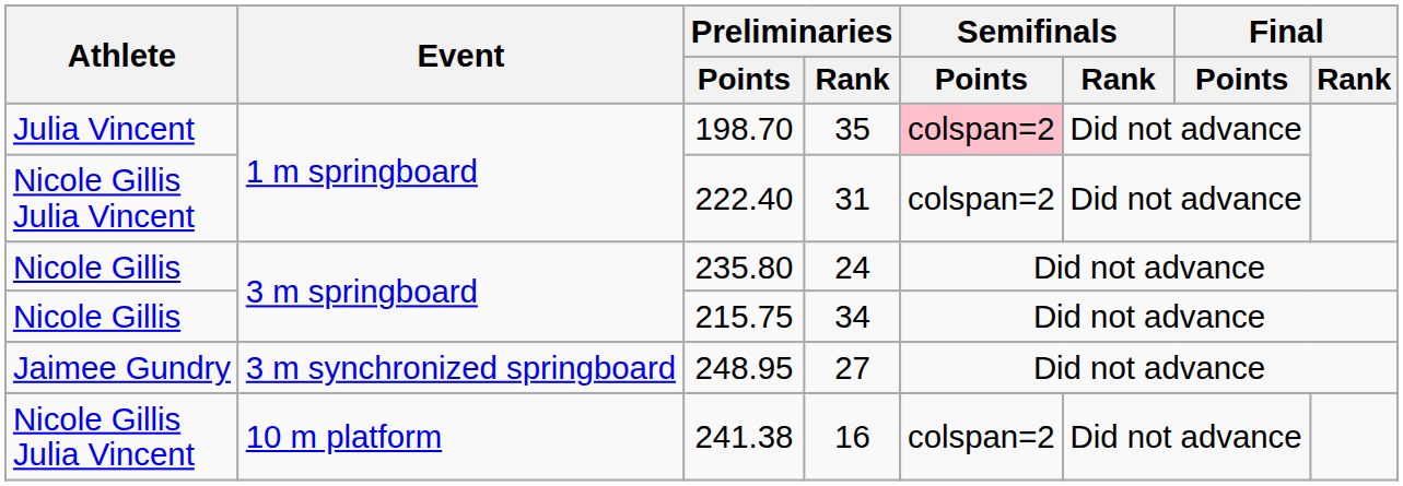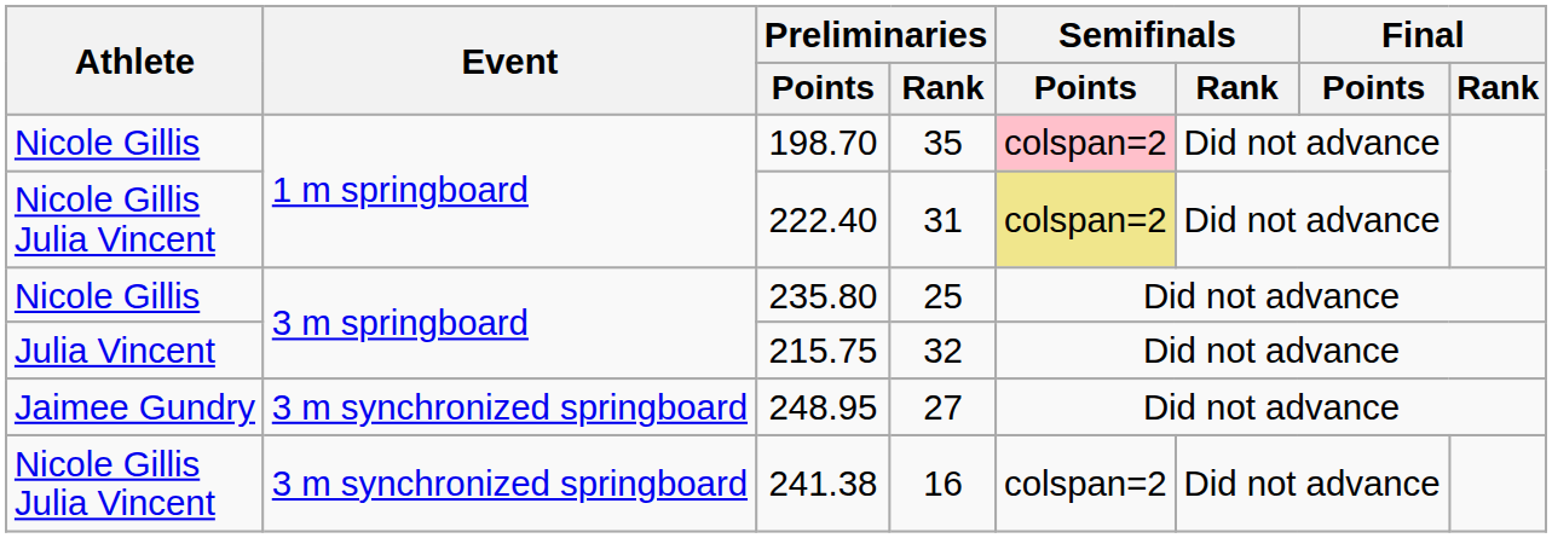 <table class=wikitable style="font-size:90%;">
 <tr>
 <th rowspan="2">Athlete</th>
 <th rowspan="2">Event</th>
 <th colspan="2">Preliminaries</th>
 <th colspan="2">Semifinals</th>
 <th colspan="2">Final</th>
 </tr>
 <tr style="font-size:95%">
 <th>Points</th>
 <th>Rank</th>
 <th>Points</th>
 <th>Rank</th>
 <th>Points</th>
 <th>Rank</th>
 </tr>
 <tr align=center>
-<td align=left><a href='#'>Julia Vincent</a></td>
+<td align=left><a href='#'>Nicole Gillis</a></td>
 <td align=left rowspan=2><a href='#'>1 m springboard</a></td>
 <td>198.70</td>
 <td>35</td>
 <td style="background: pink;">colspan=2 </td>
 <td colspan=2>Did not advance</td>
 </tr>
 <tr align=center>
 <td align=left><a href='#'>Nicole Gillis</a><br><a href='#'>Julia Vincent</a></td>
 <td>222.40</td>
 <td>31</td>
-<td>colspan=2 </td>
+<td style="background: khaki;">colspan=2 </td>
 <td colspan=2>Did not advance</td>
 </tr>
 <tr align=center>
 <td align=left><a href='#'>Nicole Gillis</a></td>
 <td align=left rowspan=2><a href='#'>3 m springboard</a></td>
 <td>235.80</td>
-<td>24</td>
+<td>25</td>
 <td colspan=4>Did not advance</td>
 </tr>
 <tr align=center>
-<td align=left><a href='#'>Nicole Gillis</a></td>
+<td align=left><a href='#'>Julia Vincent</a></td>
 <td>215.75</td>
-<td>34</td>
+<td>32</td>
 <td colspan=4>Did not advance</td>
 </tr>
 <tr align=center>
 <td align=left><a href='#'>Jaimee Gundry</a></td>
 <td align=left><a href='#'>3 m synchronized springboard</a></td>
 <td>248.95</td>
 <td>27</td>
 <td colspan=4>Did not advance</td>
 </tr>
 <tr align=center>
 <td align=left><a href='#'>Nicole Gillis</a><br><a href='#'>Julia Vincent</a></td>
-<td align=left><a href='#'>10 m platform</a></td>
+<td align=left><a href='#'>3 m synchronized springboard</a></td>
 <td>241.38</td>
 <td>16</td>
 <td>colspan=2 </td>
 <td colspan=2>Did not advance</td>
 </tr>
 </table>
